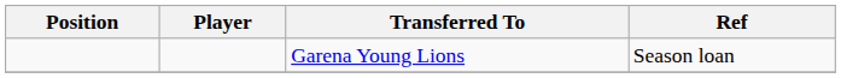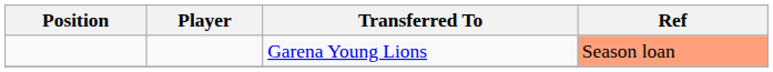 <table class="wikitable sortable" style="width:50%; text-align:center; font-size:100%; text-align:left;">
 <tr>
 <th><strong>Position</strong></th>
 <th><strong>Player</strong></th>
 <th><strong>Transferred To</strong></th>
 <th><strong>Ref</strong></th>
 </tr>
 <tr>
 <td></td>
 <td></td>
 <td> <a href='#'>Garena Young Lions</a></td>
-<td>Season loan</td>
+<td style="background: lightsalmon;">Season loan</td>
 </tr>
 <tr>
 </tr>
 </table>
